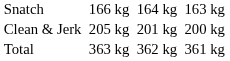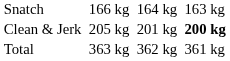 <table>
 <tr>
 <td>Snatch</td>
 <td></td>
 <td>166 kg</td>
 <td></td>
 <td>164 kg</td>
 <td></td>
 <td>163 kg</td>
 </tr>
 <tr>
 <td>Clean & Jerk</td>
 <td></td>
 <td>205 kg</td>
 <td></td>
 <td>201 kg</td>
 <td></td>
-<td>200 kg</td>
+<td><strong>200 kg</strong></td>
 </tr>
 <tr>
 <td>Total</td>
 <td></td>
 <td>363 kg</td>
 <td></td>
 <td>362 kg</td>
 <td></td>
 <td>361 kg</td>
 </tr>
 </table>
